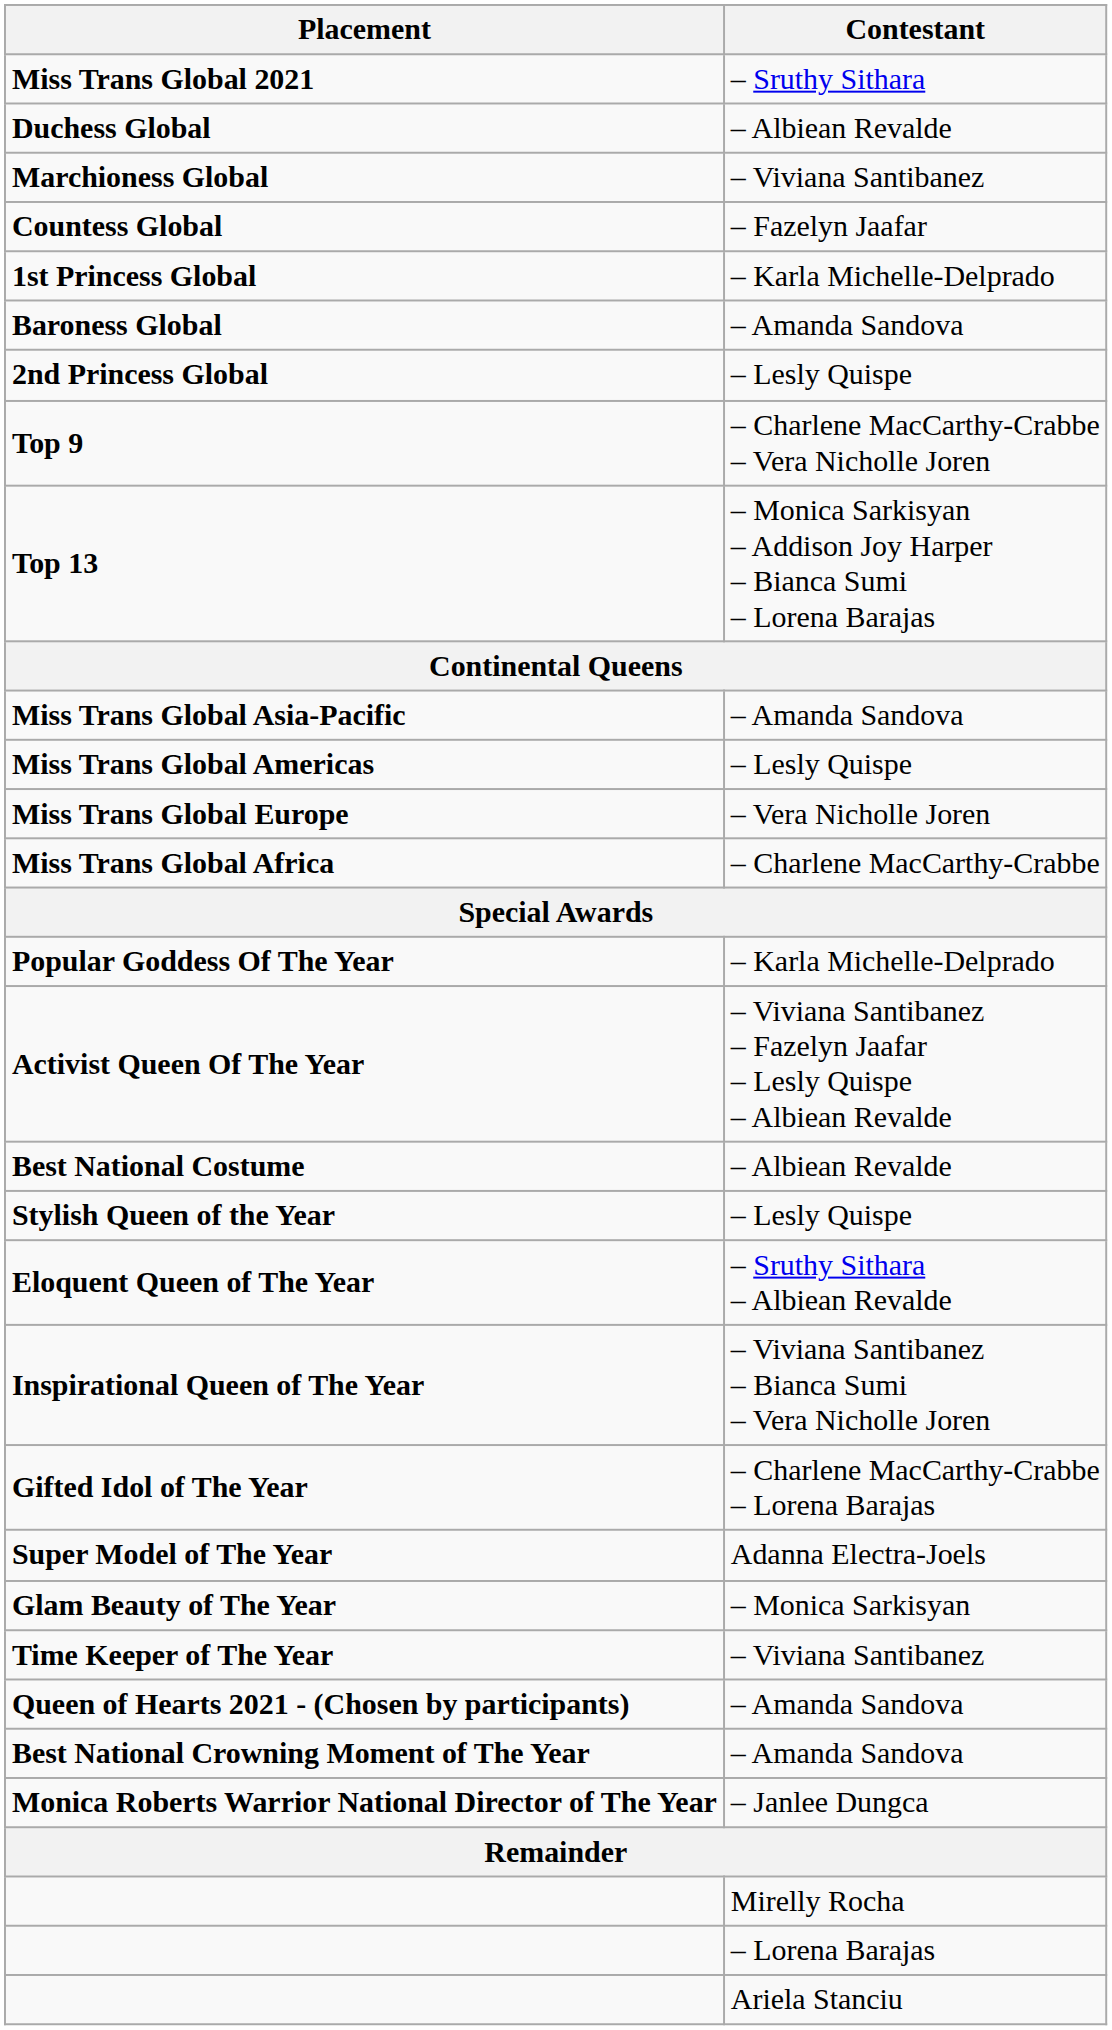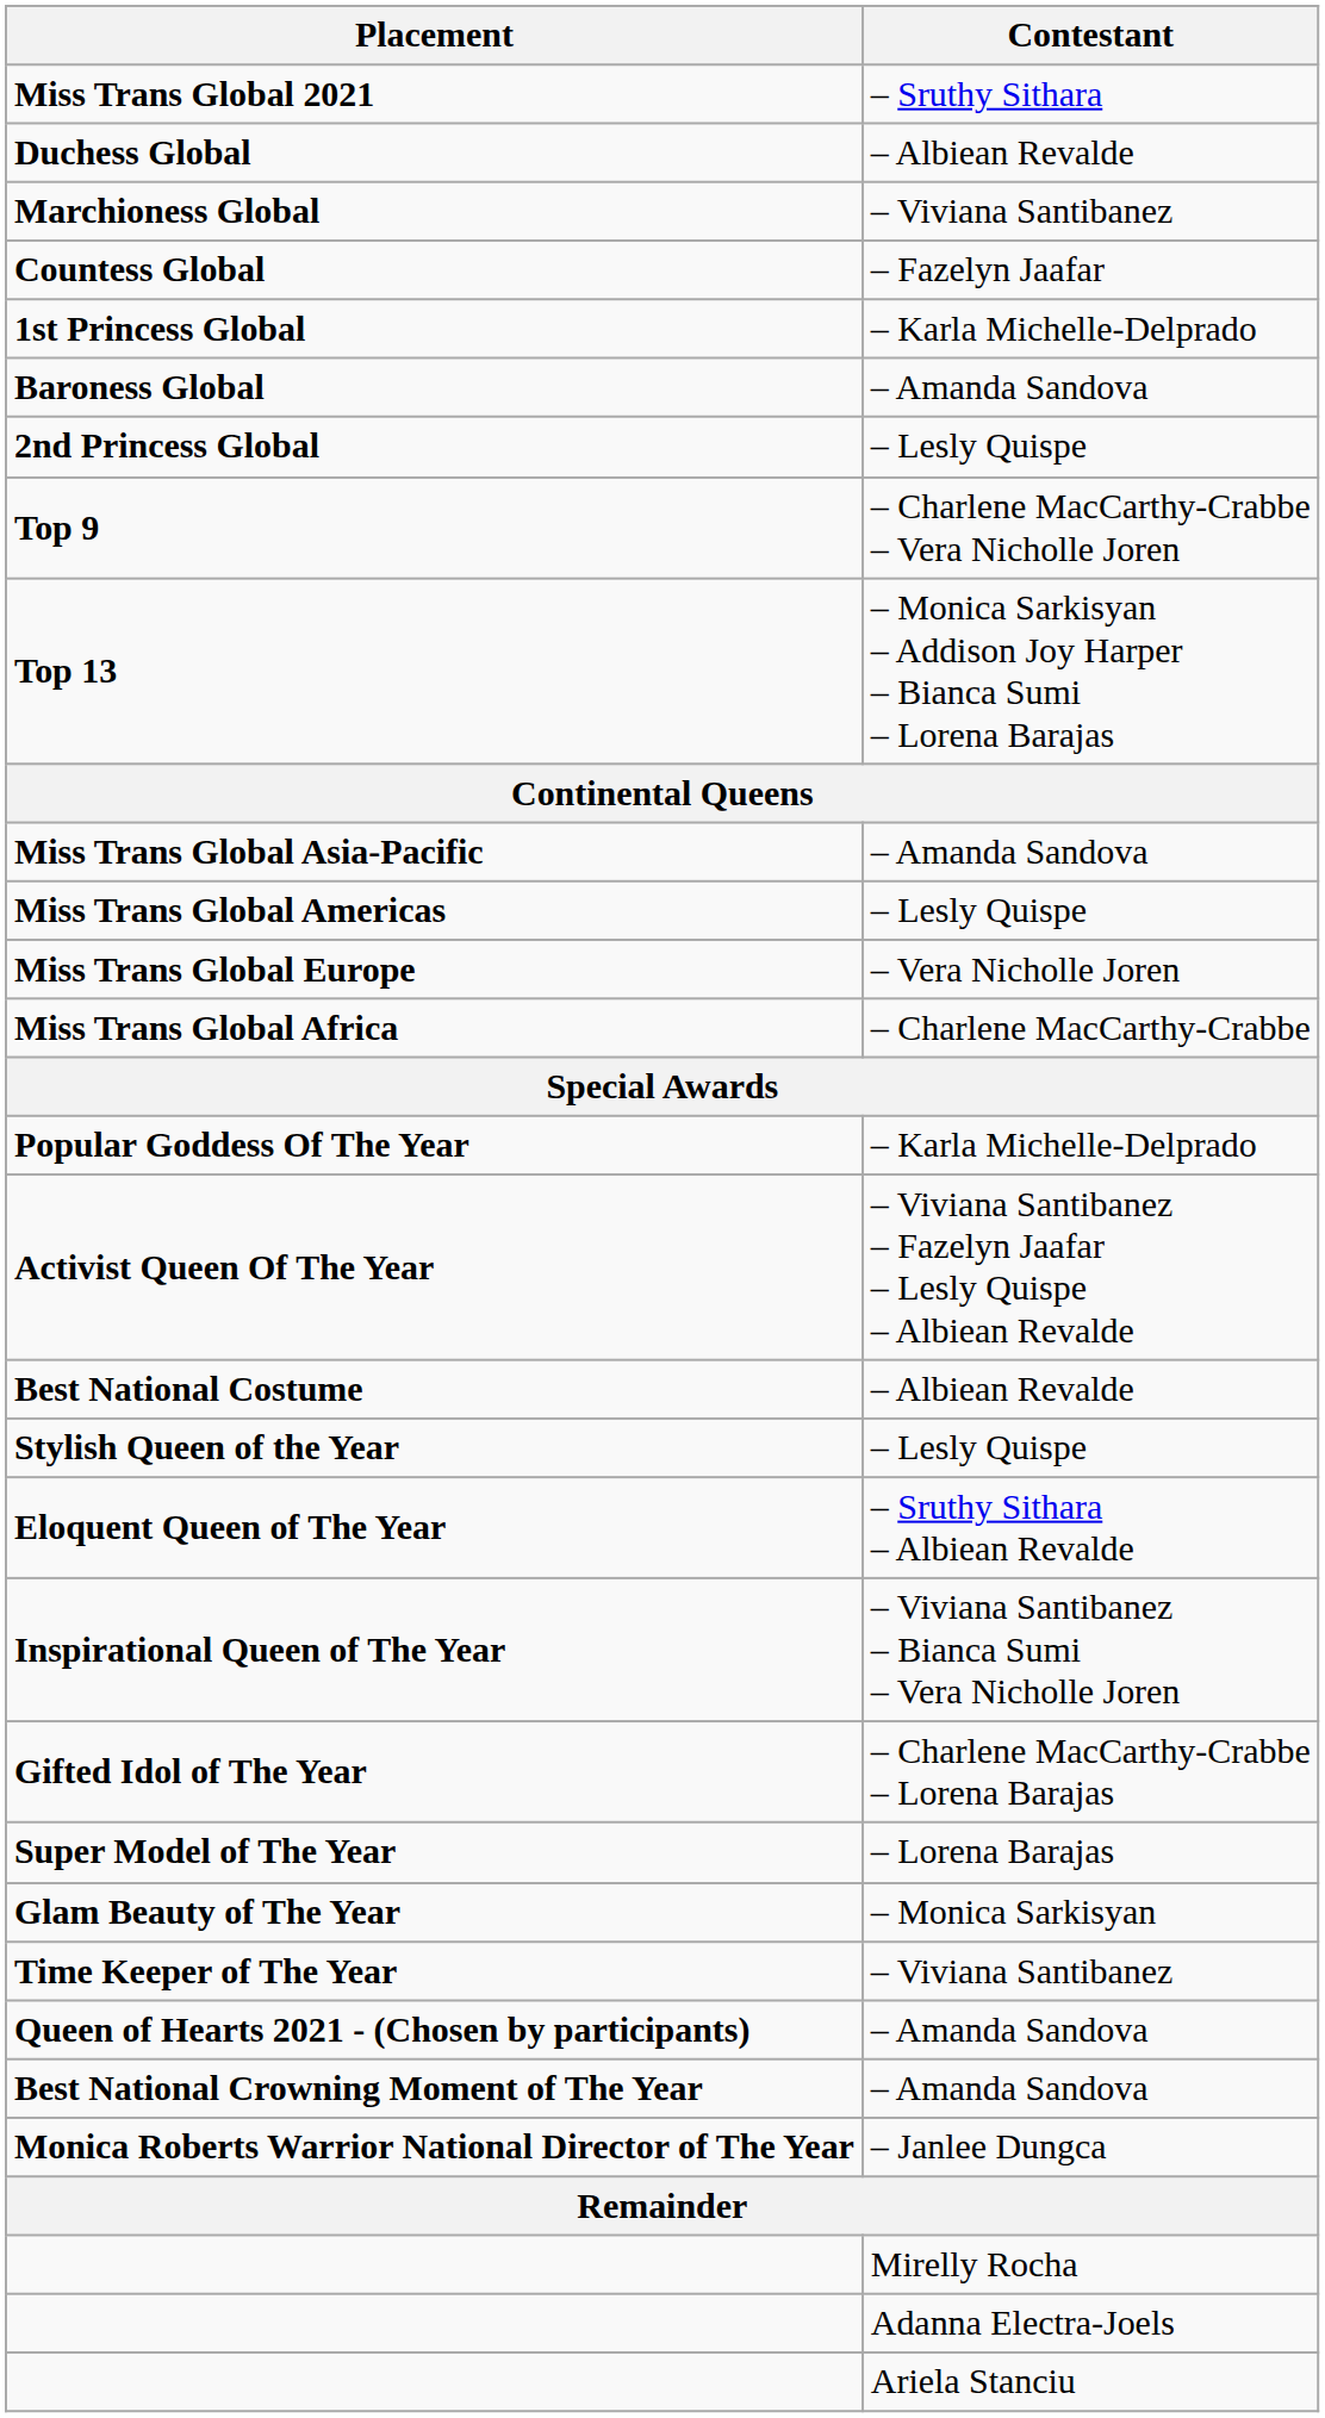 <table class="wikitable sortable" style="font-size: 95%;">
 <tr>
 <th>Placement</th>
 <th>Contestant</th>
 </tr>
 <tr>
 <td><strong>Miss Trans Global 2021</strong></td>
 <td> – <a href='#'>Sruthy Sithara</a></td>
 </tr>
 <tr>
 <td><strong>Duchess Global</strong></td>
 <td> – Albiean Revalde</td>
 </tr>
 <tr>
 <td><strong>Marchioness Global</strong></td>
 <td> – Viviana Santibanez</td>
 </tr>
 <tr>
 <td><strong>Countess Global</strong></td>
 <td> – Fazelyn Jaafar</td>
 </tr>
 <tr>
 <td><strong>1st Princess Global</strong></td>
 <td> – Karla Michelle-Delprado</td>
 </tr>
 <tr>
 <td><strong>Baroness Global</strong></td>
 <td> – Amanda Sandova</td>
 </tr>
 <tr>
 <td><strong>2nd Princess Global</strong></td>
 <td> – Lesly Quispe</td>
 </tr>
 <tr>
 <td><strong>Top 9</strong></td>
 <td> – Charlene MacCarthy-Crabbe<br> – Vera Nicholle Joren</td>
 </tr>
 <tr>
 <td><strong>Top 13</strong></td>
 <td> – Monica Sarkisyan<br> – Addison Joy Harper<br> – Bianca Sumi<br> – Lorena Barajas</td>
 </tr>
 <tr>
 <th colspan="2">Continental Queens</th>
 </tr>
 <tr>
 <td><strong>Miss Trans Global Asia-Pacific</strong></td>
 <td> – Amanda Sandova</td>
 </tr>
 <tr>
 <td><strong>Miss Trans Global Americas</strong></td>
 <td> – Lesly Quispe</td>
 </tr>
 <tr>
 <td><strong>Miss Trans Global Europe</strong></td>
 <td> – Vera Nicholle Joren</td>
 </tr>
 <tr>
 <td><strong>Miss Trans Global Africa</strong></td>
 <td> – Charlene MacCarthy-Crabbe</td>
 </tr>
 <tr>
 <th colspan="2">Special Awards</th>
 </tr>
 <tr>
 <td><strong>Popular Goddess Of The Year</strong></td>
 <td> – Karla Michelle-Delprado</td>
 </tr>
 <tr>
 <td><strong>Activist Queen Of The Year</strong></td>
 <td> – Viviana Santibanez<br> – Fazelyn Jaafar<br> – Lesly Quispe<br> – Albiean Revalde</td>
 </tr>
 <tr>
 <td><strong>Best National Costume</strong></td>
 <td> – Albiean Revalde</td>
 </tr>
 <tr>
 <td><strong>Stylish Queen of the Year</strong></td>
 <td> – Lesly Quispe</td>
 </tr>
 <tr>
 <td><strong>Eloquent Queen of The Year</strong></td>
 <td> – <a href='#'>Sruthy Sithara</a><br> – Albiean Revalde</td>
 </tr>
 <tr>
 <td><strong>Inspirational Queen of The Year</strong></td>
 <td> – Viviana Santibanez<br> – Bianca Sumi<br> – Vera Nicholle Joren</td>
 </tr>
 <tr>
 <td><strong>Gifted Idol of The Year</strong></td>
 <td> – Charlene MacCarthy-Crabbe<br> – Lorena Barajas</td>
 </tr>
 <tr>
 <td><strong>Super Model of The Year</strong></td>
-<td>Adanna Electra-Joels</td>
+<td> – Lorena Barajas</td>
 </tr>
 <tr>
 <td><strong>Glam Beauty of The Year</strong></td>
 <td> – Monica Sarkisyan</td>
 </tr>
 <tr>
 <td><strong>Time Keeper of The Year</strong></td>
 <td> – Viviana Santibanez</td>
 </tr>
 <tr>
 <td><strong>Queen of Hearts 2021 - (Chosen by participants)</strong></td>
 <td> – Amanda Sandova</td>
 </tr>
 <tr>
 <td><strong>Best National Crowning Moment of The Year</strong></td>
 <td> – Amanda Sandova</td>
 </tr>
 <tr>
 <td><strong>Monica Roberts Warrior National Director of The Year</strong></td>
 <td> – Janlee Dungca</td>
 </tr>
 <tr>
 <th colspan="2">Remainder</th>
 </tr>
 <tr>
 <td></td>
 <td>Mirelly Rocha</td>
 </tr>
 <tr>
 <td></td>
-<td> – Lorena Barajas</td>
+<td>Adanna Electra-Joels</td>
 </tr>
 <tr>
 <td></td>
 <td>Ariela Stanciu</td>
 </tr>
 </table>
